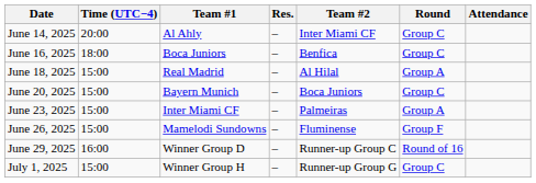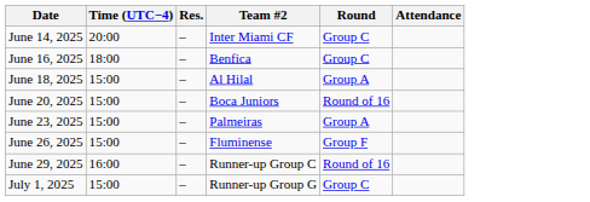 <table class="wikitable" style=font-size:100% style="text-align:center">
 <tr>
 <th style="text-align:center;">Date</th>
 <th style="text-align:center;">Time (<a href='#'>UTC−4</a>)</th>
-<th style="text-align:center;">Team #1</th>
 <th style="text-align:center;">Res.</th>
 <th style="text-align:center;">Team #2</th>
 <th style="text-align:center;">Round</th>
 <th>Attendance</th>
 </tr>
 <tr>
 <td>June 14, 2025</td>
 <td>20:00</td>
-<td><a href='#'>Al Ahly</a> </td>
 <td>–</td>
 <td> <a href='#'>Inter Miami CF</a></td>
 <td><a href='#'>Group C</a></td>
 <td></td>
 </tr>
 <tr>
 <td>June 16, 2025</td>
 <td>18:00</td>
-<td><a href='#'>Boca Juniors</a> </td>
 <td>–</td>
 <td> <a href='#'>Benfica</a></td>
 <td><a href='#'>Group C</a></td>
 <td></td>
 </tr>
 <tr>
 <td>June 18, 2025</td>
 <td>15:00</td>
-<td><a href='#'>Real Madrid</a> </td>
 <td>–</td>
 <td> <a href='#'>Al Hilal</a></td>
 <td><a href='#'>Group A</a></td>
 <td></td>
 </tr>
 <tr>
 <td>June 20, 2025</td>
 <td>15:00</td>
-<td><a href='#'>Bayern Munich</a> </td>
 <td>–</td>
 <td> <a href='#'>Boca Juniors</a></td>
-<td><a href='#'>Group C</a></td>
+<td><a href='#'>Round of 16</a></td>
 <td></td>
 </tr>
 <tr>
 <td>June 23, 2025</td>
 <td>15:00</td>
-<td><a href='#'>Inter Miami CF</a> </td>
 <td>–</td>
 <td> <a href='#'>Palmeiras</a></td>
 <td><a href='#'>Group A</a></td>
 <td></td>
 </tr>
 <tr>
 <td>June 26, 2025</td>
 <td>15:00</td>
-<td><a href='#'>Mamelodi Sundowns</a> </td>
 <td>–</td>
 <td> <a href='#'>Fluminense</a></td>
 <td><a href='#'>Group F</a></td>
 <td></td>
 </tr>
 <tr>
 <td>June 29, 2025</td>
 <td>16:00</td>
-<td>Winner Group D</td>
 <td>–</td>
 <td>Runner-up Group C</td>
 <td><a href='#'>Round of 16</a></td>
 <td></td>
 </tr>
 <tr>
 <td>July 1, 2025</td>
 <td>15:00</td>
-<td>Winner Group H</td>
 <td>–</td>
 <td>Runner-up Group G</td>
 <td><a href='#'>Group C</a></td>
 <td></td>
 </tr>
 </table>
